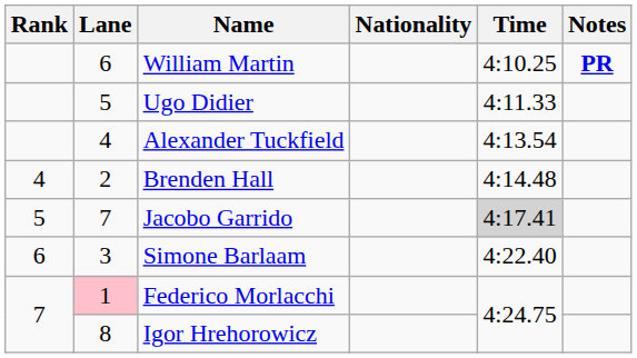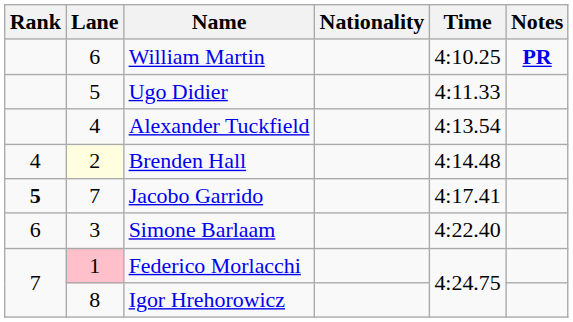 <table class="wikitable sortable" style="text-align:center">
 <tr>
 <th>Rank</th>
 <th>Lane</th>
 <th>Name</th>
 <th>Nationality</th>
 <th>Time</th>
 <th>Notes</th>
 </tr>
 <tr>
 <td></td>
 <td>6</td>
 <td align="left"><a href='#'>William Martin</a></td>
 <td align="left"></td>
 <td>4:10.25</td>
 <td><strong><a href='#'>PR</a></strong></td>
 </tr>
 <tr>
 <td></td>
 <td>5</td>
 <td align="left"><a href='#'>Ugo Didier</a></td>
 <td align="left"></td>
 <td>4:11.33</td>
 <td></td>
 </tr>
 <tr>
 <td></td>
 <td>4</td>
 <td align="left"><a href='#'>Alexander Tuckfield</a></td>
 <td align="left"></td>
 <td>4:13.54</td>
 <td></td>
 </tr>
 <tr>
 <td>4</td>
-<td>2</td>
+<td style="background: lightyellow;">2</td>
 <td align="left"><a href='#'>Brenden Hall</a></td>
 <td align="left"></td>
 <td>4:14.48</td>
 <td></td>
 </tr>
 <tr>
-<td>5</td>
+<td><strong>5</strong></td>
 <td>7</td>
 <td align="left"><a href='#'>Jacobo Garrido</a></td>
 <td align="left"></td>
-<td style="background: lightgrey;">4:17.41</td>
+<td>4:17.41</td>
 <td></td>
 </tr>
 <tr>
 <td>6</td>
 <td>3</td>
 <td align="left"><a href='#'>Simone Barlaam</a></td>
 <td align="left"></td>
 <td>4:22.40</td>
 <td></td>
 </tr>
 <tr>
 <td rowspan=2>7</td>
 <td style="background: pink;">1</td>
 <td align="left"><a href='#'>Federico Morlacchi</a></td>
 <td align="left"></td>
 <td rowspan=2>4:24.75</td>
 <td></td>
 </tr>
 <tr>
 <td>8</td>
 <td align="left"><a href='#'>Igor Hrehorowicz</a></td>
 <td align="left"></td>
 <td></td>
 </tr>
 </table>
